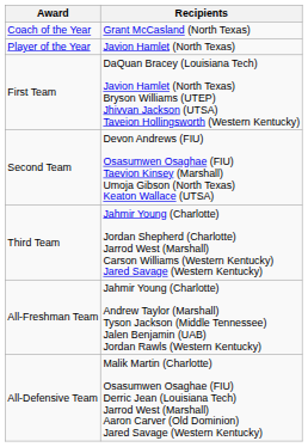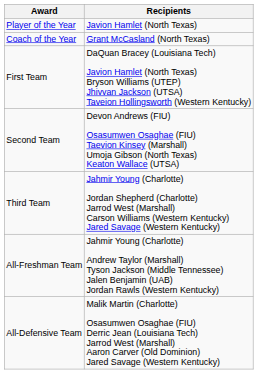 <table class="wikitable" style="white-space:nowrap; font-size:90%;">
 <tr>
 <th>Award</th>
 <th>Recipients</th>
 </tr>
 <tr>
+<td><a href='#'>Player of the Year</a></td>
+<td><a href='#'>Javion Hamlet</a> (North Texas)</td>
+</tr>
+<tr>
 <td><a href='#'>Coach of the Year</a></td>
 <td><a href='#'>Grant McCasland</a> (North Texas)</td>
-</tr>
-<tr>
-<td><a href='#'>Player of the Year</a></td>
-<td><a href='#'>Javion Hamlet</a> (North Texas)</td>
 </tr>
 <tr>
 <td>First Team</td>
 <td>DaQuan Bracey (Louisiana Tech)<br><br><a href='#'>Javion Hamlet</a> (North Texas)<br> Bryson Williams (UTEP)<br> <a href='#'>Jhivvan Jackson</a> (UTSA)<br> <a href='#'>Taveion Hollingsworth</a> (Western Kentucky)</td>
 </tr>
 <tr>
 <td>Second Team</td>
 <td>Devon Andrews (FIU)<br><br><a href='#'>Osasumwen Osaghae</a> (FIU)<br> <a href='#'>Taevion Kinsey</a> (Marshall)<br> Umoja Gibson (North Texas)<br>                     <a href='#'>Keaton Wallace</a> (UTSA)</td>
 </tr>
 <tr>
 <td>Third Team</td>
 <td><a href='#'>Jahmir Young</a> (Charlotte)<br><br>Jordan Shepherd (Charlotte)<br> Jarrod West (Marshall)<br> Carson Williams (Western Kentucky)<br> <a href='#'>Jared Savage</a> (Western Kentucky)</td>
 </tr>
 <tr>
 <td>All-Freshman Team</td>
 <td>Jahmir Young (Charlotte)<br><br>Andrew Taylor (Marshall)<br> Tyson Jackson (Middle Tennessee)<br> Jalen Benjamin (UAB)<br> Jordan Rawls (Western Kentucky)<br></td>
 </tr>
 <tr>
 <td>All-Defensive Team</td>
 <td>Malik Martin (Charlotte)<br><br>Osasumwen Osaghae (FIU)<br> Derric Jean (Louisiana Tech)<br> Jarrod West (Marshall)<br> Aaron Carver (Old Dominion)<br> Jared Savage (Western Kentucky)</td>
 </tr>
 </table>
